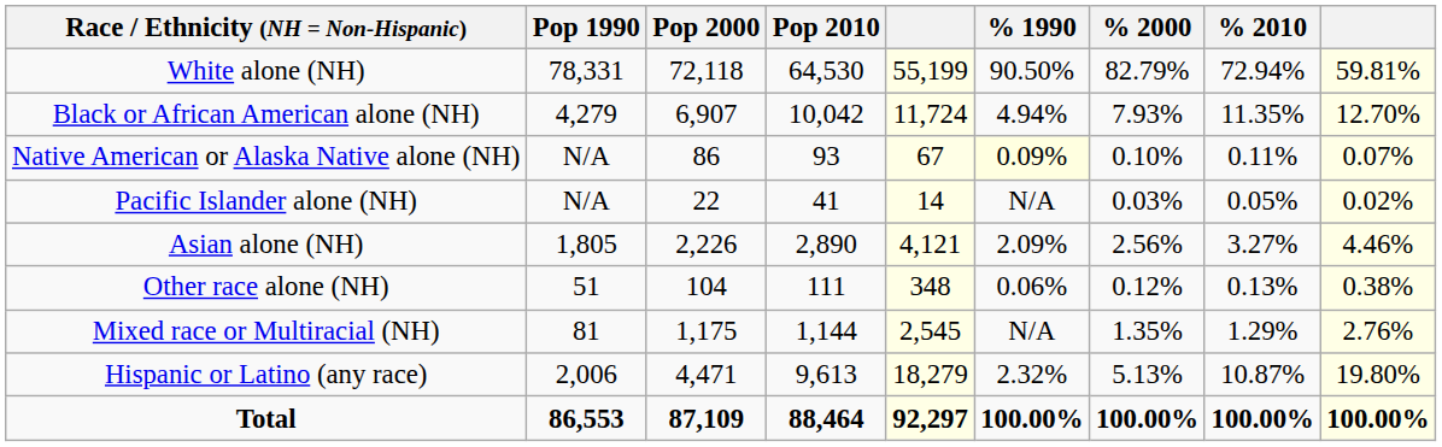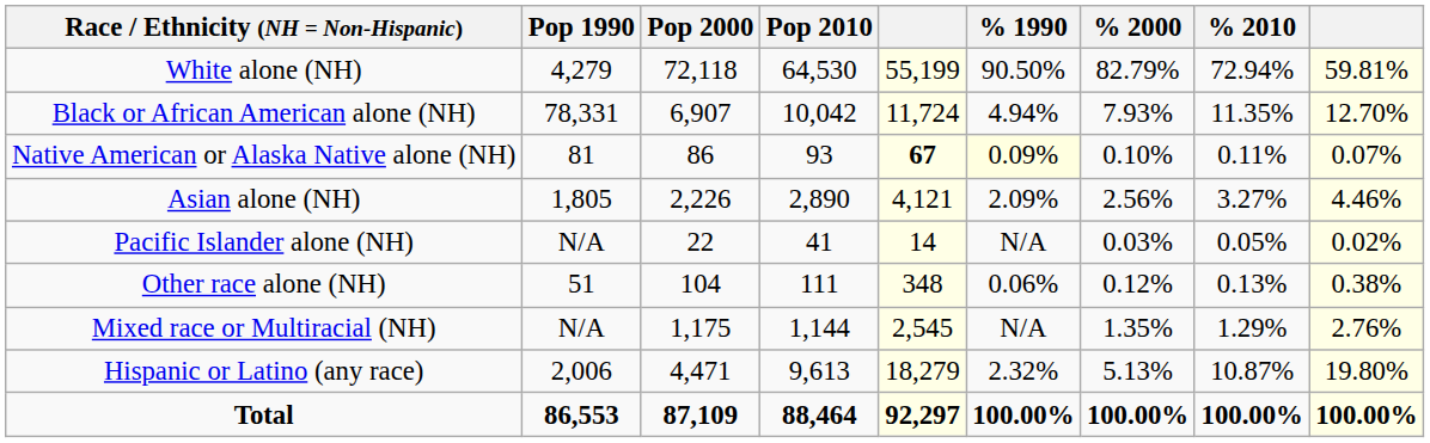 <table class="wikitable" style="text-align:center;">
 <tr>
 <th>Race / Ethnicity <small>(<em>NH = Non-Hispanic</em>)</small></th>
 <th>Pop 1990</th>
 <th>Pop 2000</th>
 <th>Pop 2010</th>
 <th></th>
 <th>% 1990</th>
 <th>% 2000</th>
 <th>% 2010</th>
 <th></th>
 </tr>
 <tr>
 <td><a href='#'>White</a> alone (NH)</td>
-<td>78,331</td>
+<td>4,279</td>
 <td>72,118</td>
 <td>64,530</td>
 <td style='background: #ffffe6;'>55,199</td>
 <td>90.50%</td>
 <td>82.79%</td>
 <td>72.94%</td>
 <td style='background: #ffffe6;'>59.81%</td>
 </tr>
 <tr>
 <td><a href='#'>Black or African American</a> alone (NH)</td>
-<td>4,279</td>
+<td>78,331</td>
 <td>6,907</td>
 <td>10,042</td>
 <td style='background: #ffffe6;'>11,724</td>
 <td>4.94%</td>
 <td>7.93%</td>
 <td>11.35%</td>
 <td style='background: #ffffe6;'>12.70%</td>
 </tr>
 <tr>
 <td><a href='#'>Native American</a> or <a href='#'>Alaska Native</a> alone (NH)</td>
-<td>N/A</td>
+<td>81</td>
 <td>86</td>
 <td>93</td>
-<td style='background: #ffffe6;'>67</td>
+<td style='background: #ffffe6;'><strong>67</strong></td>
 <td style="background: lightyellow;">0.09%</td>
 <td>0.10%</td>
 <td>0.11%</td>
 <td style='background: #ffffe6;'>0.07%</td>
+</tr>
+<tr>
+<td><a href='#'>Asian</a> alone (NH)</td>
+<td>1,805</td>
+<td>2,226</td>
+<td>2,890</td>
+<td style='background: #ffffe6;'>4,121</td>
+<td>2.09%</td>
+<td>2.56%</td>
+<td>3.27%</td>
+<td style='background: #ffffe6;'>4.46%</td>
 </tr>
 <tr>
 <td><a href='#'>Pacific Islander</a> alone (NH)</td>
 <td>N/A</td>
 <td>22</td>
 <td>41</td>
 <td style='background: #ffffe6;'>14</td>
 <td>N/A</td>
 <td>0.03%</td>
 <td>0.05%</td>
 <td style='background: #ffffe6;'>0.02%</td>
-</tr>
-<tr>
-<td><a href='#'>Asian</a> alone (NH)</td>
-<td>1,805</td>
-<td>2,226</td>
-<td>2,890</td>
-<td style='background: #ffffe6;'>4,121</td>
-<td>2.09%</td>
-<td>2.56%</td>
-<td>3.27%</td>
-<td style='background: #ffffe6;'>4.46%</td>
 </tr>
 <tr>
 <td><a href='#'>Other race</a> alone (NH)</td>
 <td>51</td>
 <td>104</td>
 <td>111</td>
 <td style='background: #ffffe6;'>348</td>
 <td>0.06%</td>
 <td>0.12%</td>
 <td>0.13%</td>
 <td style='background: #ffffe6;'>0.38%</td>
 </tr>
 <tr>
 <td><a href='#'>Mixed race or Multiracial</a> (NH)</td>
-<td>81</td>
+<td>N/A</td>
 <td>1,175</td>
 <td>1,144</td>
 <td style='background: #ffffe6;'>2,545</td>
 <td>N/A</td>
 <td>1.35%</td>
 <td>1.29%</td>
 <td style='background: #ffffe6;'>2.76%</td>
 </tr>
 <tr>
 <td><a href='#'>Hispanic or Latino</a> (any race)</td>
 <td>2,006</td>
 <td>4,471</td>
 <td>9,613</td>
 <td style='background: #ffffe6;'>18,279</td>
 <td>2.32%</td>
 <td>5.13%</td>
 <td>10.87%</td>
 <td style='background: #ffffe6;'>19.80%</td>
 </tr>
 <tr>
 <td><strong>Total</strong></td>
 <td><strong>86,553</strong></td>
 <td><strong>87,109</strong></td>
 <td><strong>88,464</strong></td>
 <td style='background: #ffffe6;'><strong>92,297</strong></td>
 <td><strong>100.00%</strong></td>
 <td><strong>100.00%</strong></td>
 <td><strong>100.00%</strong></td>
 <td style='background: #ffffe6;'><strong>100.00%</strong></td>
 </tr>
 </table>
